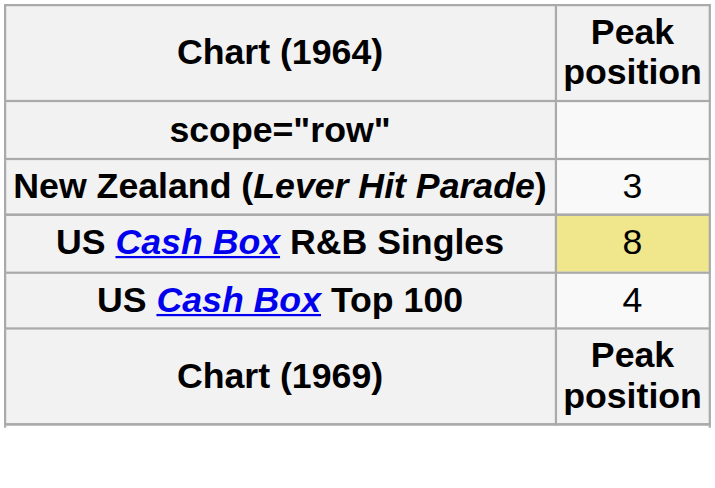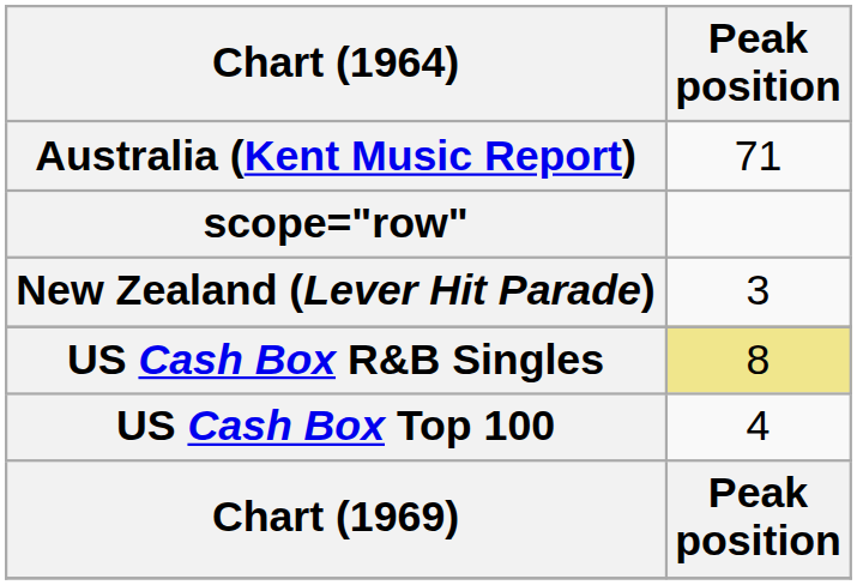 <table class="wikitable sortable plainrowheaders">
 <tr>
 <th scope="col">Chart (1964)</th>
 <th scope="col">Peak<br>position</th>
+</tr>
+<tr>
+<th scope="row">Australia (<a href='#'>Kent Music Report</a>)</th>
+<td align="center">71</td>
 </tr>
 <tr>
 <th>scope="row" </th>
 </tr>
 <tr>
 <th scope="row">New Zealand (<em>Lever Hit Parade</em>)</th>
 <td align="center">3</td>
 </tr>
 <tr>
 </tr>
 <tr>
 </tr>
 <tr>
 <th scope="row">US <em><a href='#'>Cash Box</a></em> R&B Singles</th>
 <td align="center" style="background: khaki;">8</td>
 </tr>
 <tr>
 <th scope="row">US <a href='#'><em>Cash Box</em></a> Top 100</th>
 <td align="center">4</td>
 </tr>
 <tr>
 <th>Chart (1969)</th>
 <th>Peak<br>position</th>
 </tr>
 <tr>
 </tr>
 <tr>
 </tr>
 <tr>
 </tr>
 <tr>
 </tr>
 <tr>
 </tr>
 </table>
